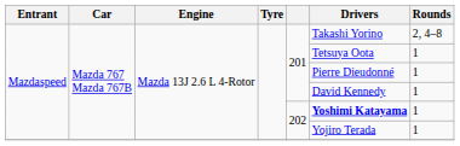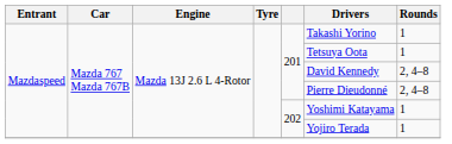 <table class="wikitable" style="font-size: 85%">
 <tr>
 <th>Entrant</th>
 <th>Car</th>
 <th>Engine</th>
 <th>Tyre</th>
 <th></th>
 <th>Drivers</th>
 <th>Rounds</th>
 </tr>
 <tr>
 <td rowspan=6> <a href='#'>Mazdaspeed</a></td>
 <td rowspan=6><a href='#'>Mazda 767</a><br><a href='#'>Mazda 767B</a></td>
 <td rowspan=6><a href='#'>Mazda</a> 13J 2.6 L 4-Rotor</td>
 <td rowspan=6></td>
 <td rowspan=4>201</td>
 <td> <a href='#'>Takashi Yorino</a></td>
-<td>2, 4–8</td>
+<td>1</td>
 </tr>
 <tr>
 <td> <a href='#'>Tetsuya Oota</a></td>
 <td>1</td>
 </tr>
 <tr>
-<td> <a href='#'>Pierre Dieudonné</a></td>
-<td>1</td>
+<td> <a href='#'>David Kennedy</a></td>
+<td>2, 4–8</td>
 </tr>
 <tr>
-<td> <a href='#'>David Kennedy</a></td>
-<td>1</td>
+<td> <a href='#'>Pierre Dieudonné</a></td>
+<td>2, 4–8</td>
 </tr>
 <tr>
 <td rowspan=2>202</td>
-<td><strong> <a href='#'>Yoshimi Katayama</a></strong></td>
+<td> <a href='#'>Yoshimi Katayama</a></td>
 <td>1</td>
 </tr>
 <tr>
 <td> <a href='#'>Yojiro Terada</a></td>
 <td>1</td>
 </tr>
 <tr>
 </tr>
 </table>
